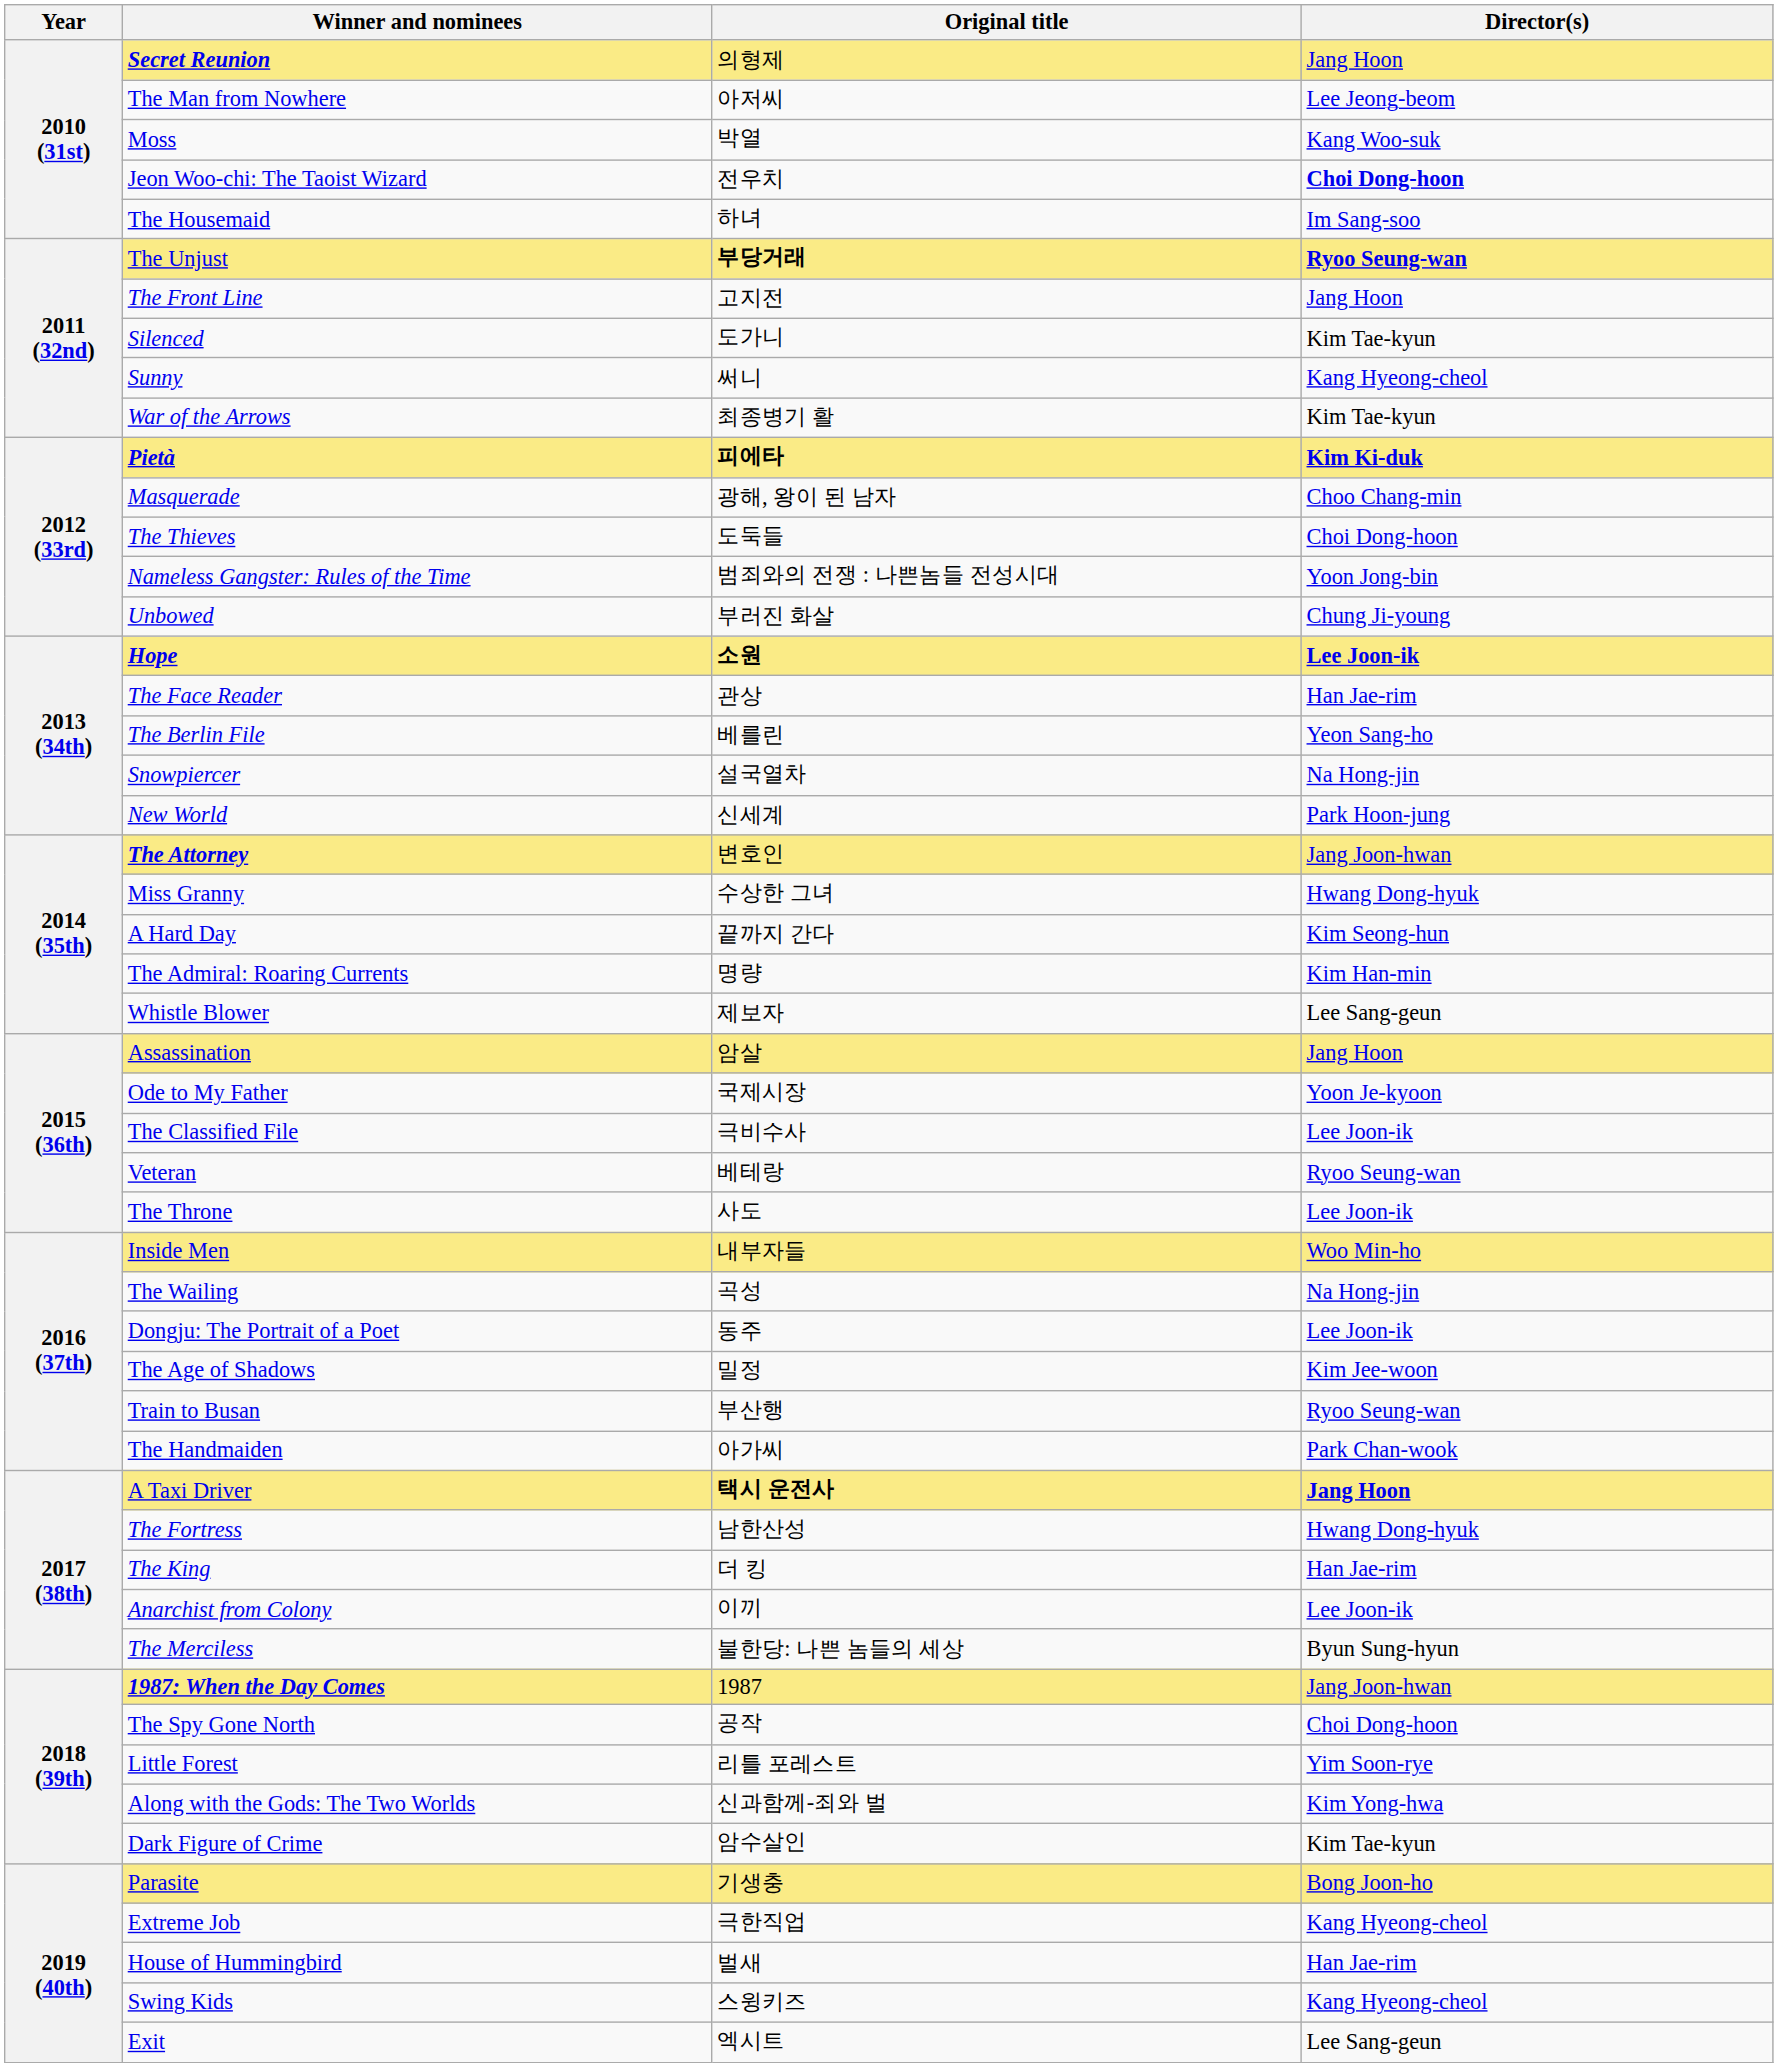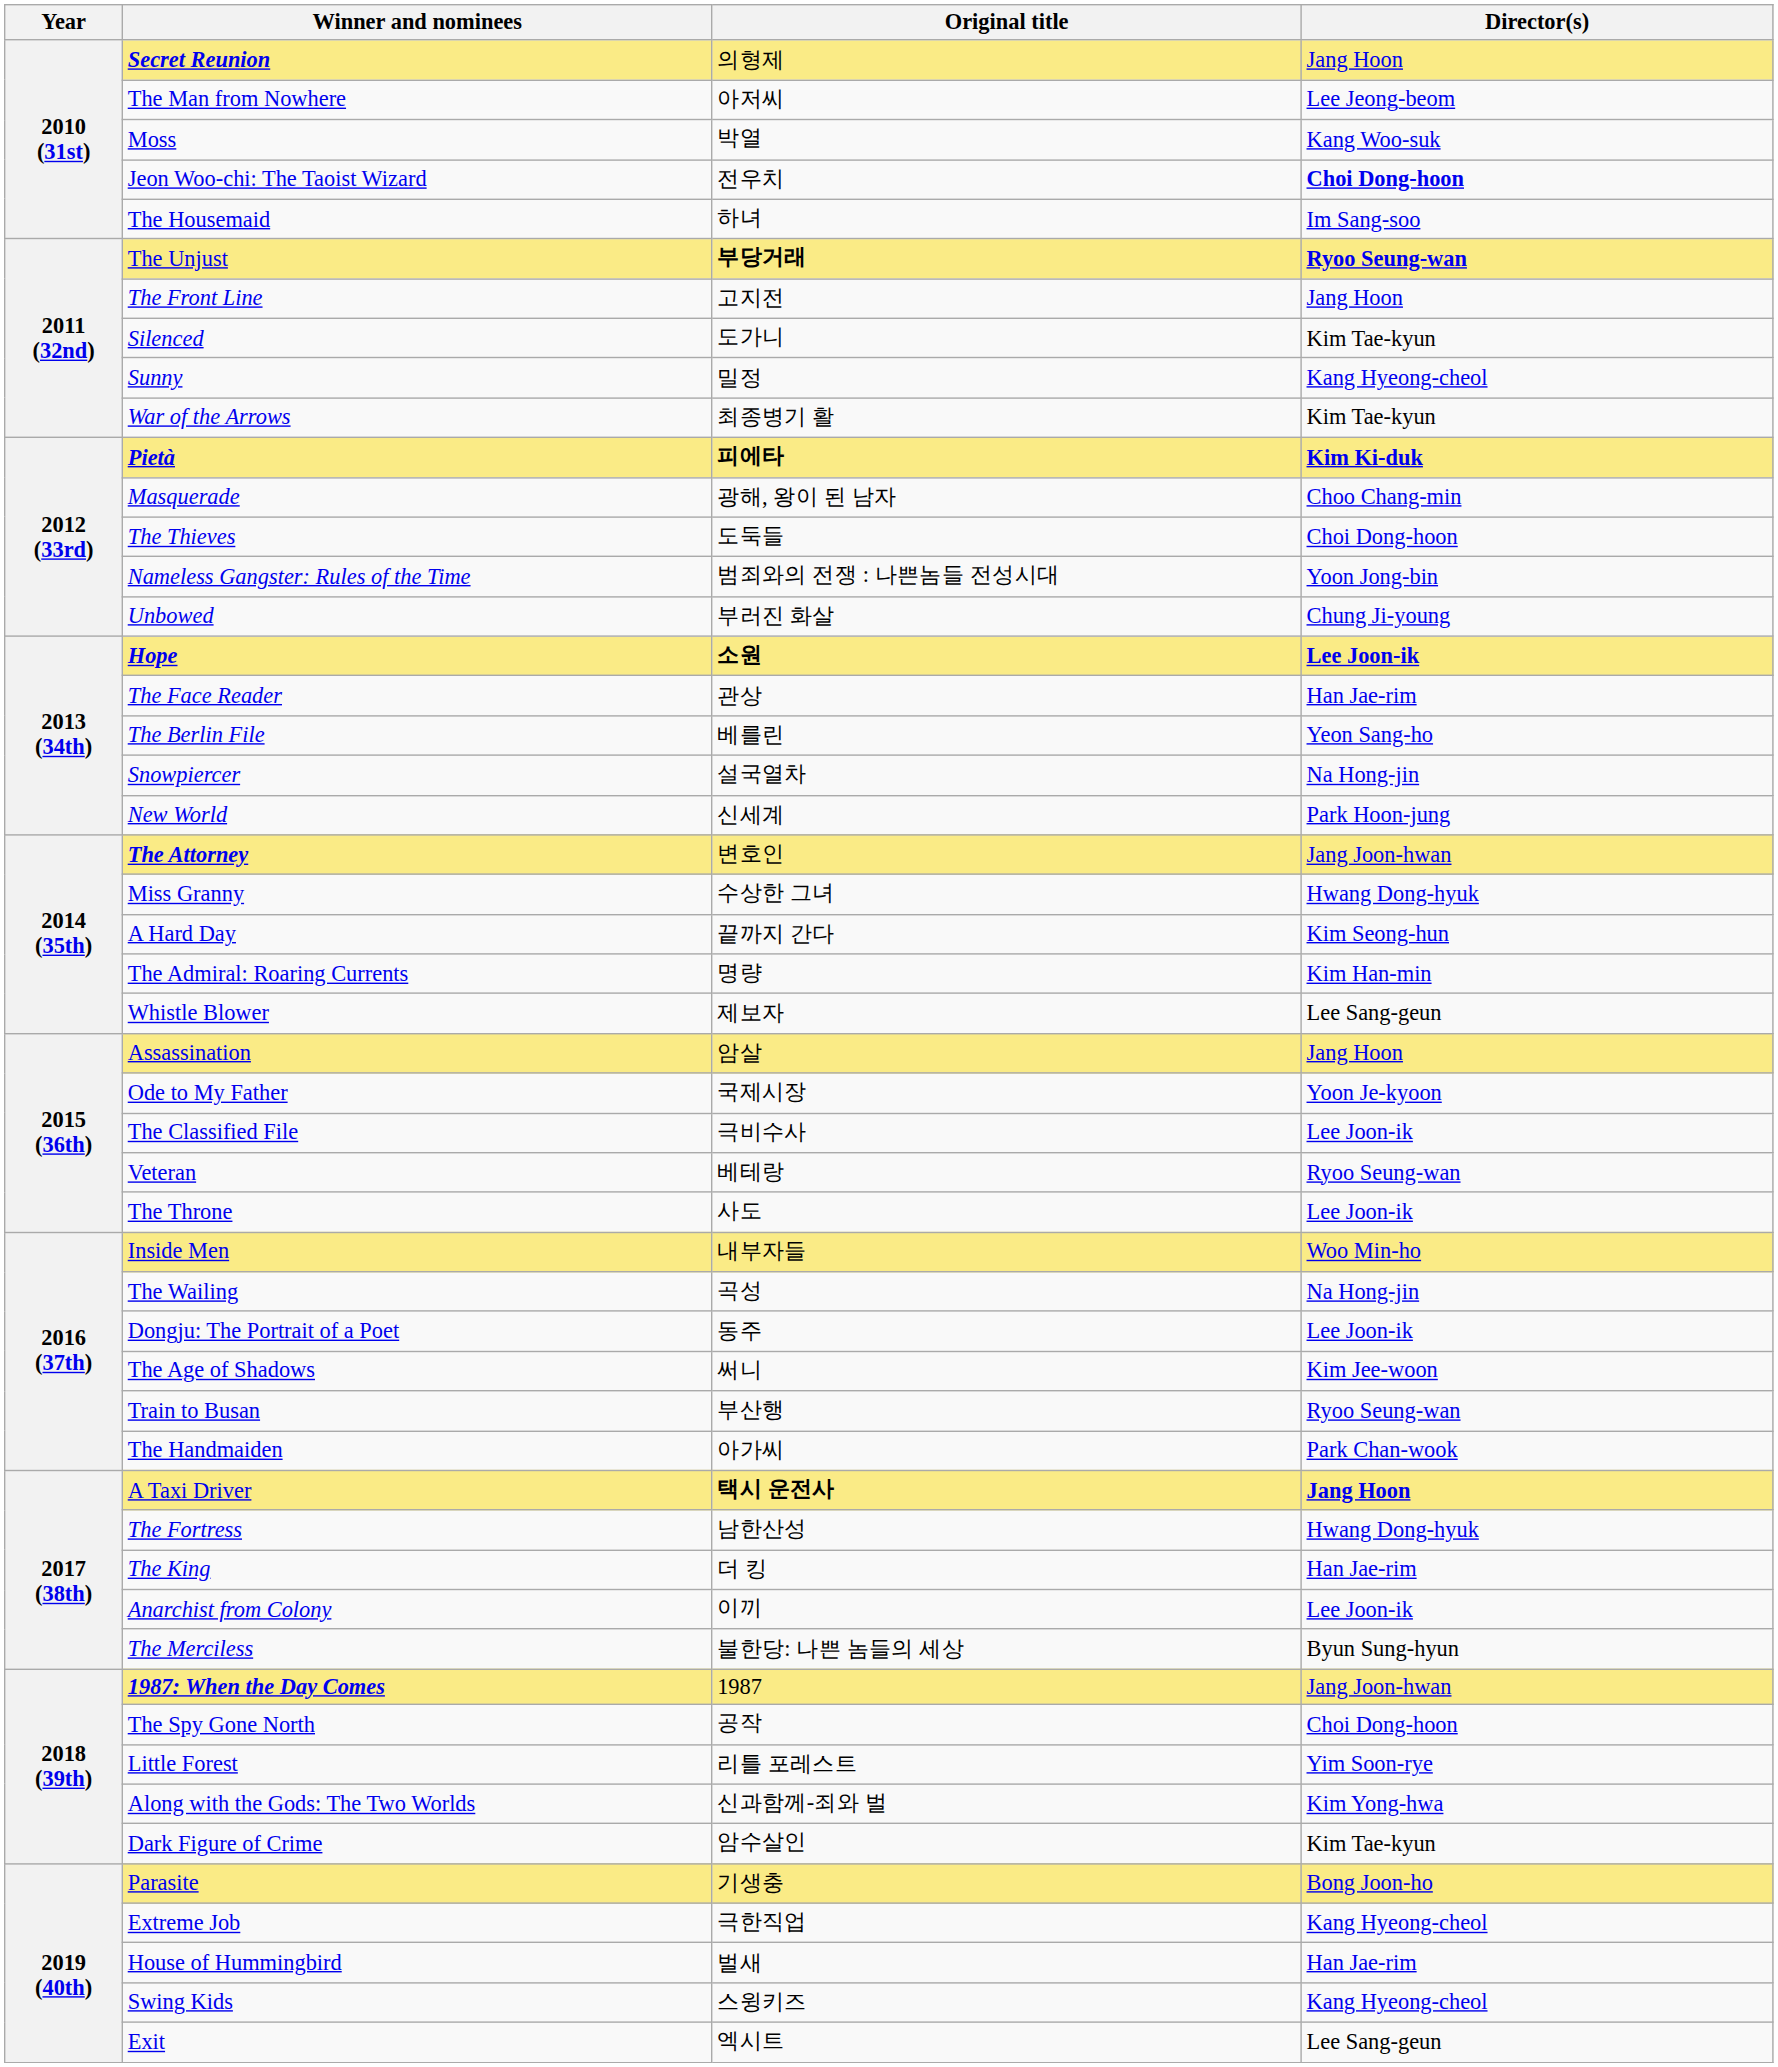 <table class="wikitable" style="width:100%;" cellpadding="6">
 <tr>
 <th style="width:5%;">Year</th>
 <th style="width:25%;">Winner and nominees</th>
 <th style="width:25%;">Original title</th>
 <th style="width:20%;">Director(s)</th>
 </tr>
 <tr>
 <th rowspan="5">2010<br>(<a href='#'>31st</a>)</th>
 <td style="background:#FAEB86;"><strong><em><a href='#'>Secret Reunion</a><strong> <em></td>
 <td style="background:#FAEB86;"></strong>의형제<strong></td>
 <td style="background:#FAEB86;"></strong><a href='#'>Jang Hoon</a><strong></td>
 </tr>
 <tr>
 <td><a href='#'></em>The Man from Nowhere<em></a></td>
 <td>아저씨</td>
 <td><a href='#'>Lee Jeong-beom</a></td>
 </tr>
 <tr>
 <td><a href='#'></em>Moss<em></a></td>
 <td>박열</td>
 <td><a href='#'>Kang Woo-suk</a></td>
 </tr>
 <tr>
 <td></em><a href='#'>Jeon Woo-chi: The Taoist Wizard</a><em></td>
 <td>전우치</td>
 <td><strong><a href='#'>Choi Dong-hoon</a></strong></td>
 </tr>
 <tr>
 <td><a href='#'></em>The Housemaid<em></a></td>
 <td>하녀</td>
 <td><a href='#'>Im Sang-soo</a></td>
 </tr>
 <tr>
 <th rowspan="5">2011<br>(<a href='#'>32nd</a>)</th>
 <td style="background:#FAEB86;"></em></strong><a href='#'>The Unjust</a></strong> </em></td>
 <td style="background:#FAEB86;"><strong>부당거래</strong></td>
 <td style="background:#FAEB86;"><strong><a href='#'>Ryoo Seung-wan</a></strong></td>
 </tr>
 <tr>
 <td><a href='#'><em>The Front Line</em></a></td>
 <td>고지전</td>
 <td><a href='#'>Jang Hoon</a></td>
 </tr>
 <tr>
 <td><a href='#'><em>Silenced</em></a></td>
 <td>도가니</td>
 <td>Kim Tae-kyun</td>
 </tr>
 <tr>
 <td><a href='#'><em>Sunny</em></a></td>
-<td>써니</td>
+<td>밀정</td>
 <td><a href='#'>Kang Hyeong-cheol</a></td>
 </tr>
 <tr>
 <td><em><a href='#'>War of the Arrows</a></em></td>
 <td>최종병기 활</td>
 <td>Kim Tae-kyun</td>
 </tr>
 <tr>
 <th rowspan="5">2012<br>(<a href='#'>33rd</a>)</th>
 <td style="background:#FAEB86;"><em><a href='#'><strong>Pietà</strong></a> </em></td>
 <td style="background:#FAEB86;"><strong>피에타</strong></td>
 <td style="background:#FAEB86;"><strong><a href='#'>Kim Ki-duk</a></strong></td>
 </tr>
 <tr>
 <td><a href='#'><em>Masquerade</em></a></td>
 <td>광해, 왕이 된 남자</td>
 <td><a href='#'>Choo Chang-min</a></td>
 </tr>
 <tr>
 <td><em><a href='#'>The Thieves</a></em></td>
 <td>도둑들</td>
 <td><a href='#'>Choi Dong-hoon</a></td>
 </tr>
 <tr>
 <td><em><a href='#'>Nameless Gangster: Rules of the Time</a></em></td>
 <td>범죄와의 전쟁 : 나쁜놈들 전성시대</td>
 <td><a href='#'>Yoon Jong-bin</a></td>
 </tr>
 <tr>
 <td><em><a href='#'>Unbowed</a></em></td>
 <td>부러진 화살</td>
 <td><a href='#'>Chung Ji-young</a></td>
 </tr>
 <tr>
 <th rowspan="5">2013<br>(<a href='#'>34th</a>)</th>
 <td style="background:#FAEB86;"><em><a href='#'><strong>Hope</strong></a> </em></td>
 <td style="background:#FAEB86;"><strong>소원</strong></td>
 <td style="background:#FAEB86;"><strong><a href='#'>Lee Joon-ik</a></strong></td>
 </tr>
 <tr>
 <td><em><a href='#'>The Face Reader</a></em></td>
 <td>관상</td>
 <td><a href='#'>Han Jae-rim</a></td>
 </tr>
 <tr>
 <td><em><a href='#'>The Berlin File</a></em></td>
 <td>베를린</td>
 <td><a href='#'>Yeon Sang-ho</a></td>
 </tr>
 <tr>
 <td><a href='#'><em>Snowpiercer</em></a></td>
 <td>설국열차</td>
 <td><a href='#'>Na Hong-jin</a></td>
 </tr>
 <tr>
 <td><a href='#'><em>New World</em></a></td>
 <td>신세계</td>
 <td><a href='#'>Park Hoon-jung</a></td>
 </tr>
 <tr>
 <th rowspan="5">2014<br>(<a href='#'>35th</a>)</th>
 <td style="background:#FAEB86;"><strong><em><a href='#'>The Attorney</a><strong> <em></td>
 <td style="background:#FAEB86;"></strong>변호인<strong></td>
 <td style="background:#FAEB86;"></strong><a href='#'>Jang Joon-hwan</a><strong></td>
 </tr>
 <tr>
 <td></em><a href='#'>Miss Granny</a><em></td>
 <td>수상한 그녀</td>
 <td><a href='#'>Hwang Dong-hyuk</a></td>
 </tr>
 <tr>
 <td></em><a href='#'>A Hard Day</a><em></td>
 <td>끝까지 간다</td>
 <td><a href='#'>Kim Seong-hun</a></td>
 </tr>
 <tr>
 <td></em><a href='#'>The Admiral: Roaring Currents</a><em></td>
 <td>명량</td>
 <td><a href='#'>Kim Han-min</a></td>
 </tr>
 <tr>
 <td><a href='#'></em>Whistle Blower<em></a></td>
 <td>제보자</td>
 <td>Lee Sang-geun</td>
 </tr>
 <tr>
 <th rowspan="5">2015<br>(<a href='#'>36th</a>)</th>
 <td style="background:#FAEB86;"></em><a href='#'></strong>Assassination<strong></a> <em></td>
 <td style="background:#FAEB86;"></strong>암살<strong></td>
 <td style="background:#FAEB86;"></strong><a href='#'>Jang Hoon</a><strong></td>
 </tr>
 <tr>
 <td></em><a href='#'>Ode to My Father</a><em></td>
 <td>국제시장</td>
 <td><a href='#'>Yoon Je-kyoon</a></td>
 </tr>
 <tr>
 <td></em><a href='#'>The Classified File</a><em></td>
 <td>극비수사</td>
 <td><a href='#'>Lee Joon-ik</a></td>
 </tr>
 <tr>
 <td><a href='#'></em>Veteran<em></a></td>
 <td>베테랑</td>
 <td><a href='#'>Ryoo Seung-wan</a></td>
 </tr>
 <tr>
 <td><a href='#'></em>The Throne<em></a></td>
 <td>사도</td>
 <td><a href='#'>Lee Joon-ik</a></td>
 </tr>
 <tr>
 <th rowspan="6">2016<br>(<a href='#'>37th</a>)</th>
 <td style="background:#FAEB86;"></em><a href='#'></strong>Inside Men<strong></a> <em></td>
 <td style="background:#FAEB86;"></strong>내부자들<strong></td>
 <td style="background:#FAEB86;"></strong><a href='#'>Woo Min-ho</a><strong></td>
 </tr>
 <tr>
 <td><a href='#'></em>The Wailing<em></a></td>
 <td>곡성</td>
 <td><a href='#'>Na Hong-jin</a></td>
 </tr>
 <tr>
 <td></em><a href='#'>Dongju: The Portrait of a Poet</a><em></td>
 <td>동주</td>
 <td><a href='#'>Lee Joon-ik</a></td>
 </tr>
 <tr>
 <td></em><a href='#'>The Age of Shadows</a><em></td>
-<td>밀정</td>
+<td>써니</td>
 <td><a href='#'>Kim Jee-woon</a></td>
 </tr>
 <tr>
 <td></em><a href='#'>Train to Busan</a><em></td>
 <td>부산행</td>
 <td><a href='#'>Ryoo Seung-wan</a></td>
 </tr>
 <tr>
 <td></em><a href='#'>The Handmaiden</a><em></td>
 <td>아가씨</td>
 <td><a href='#'>Park Chan-wook</a></td>
 </tr>
 <tr>
 <th rowspan="5"><div><br>2017<br>(<a href='#'>38th</a>)<br></div></th>
 <td style="background:#FAEB86;"></em></strong><a href='#'>A Taxi Driver</a></strong> </em></td>
 <td style="background:#FAEB86;"><strong>택시 운전사</strong></td>
 <td style="background:#FAEB86;"><strong><a href='#'>Jang Hoon</a></strong></td>
 </tr>
 <tr>
 <td><a href='#'><em>The Fortress</em></a></td>
 <td>남한산성</td>
 <td><a href='#'>Hwang Dong-hyuk</a></td>
 </tr>
 <tr>
 <td><a href='#'><em>The King</em></a></td>
 <td>더 킹</td>
 <td><a href='#'>Han Jae-rim</a></td>
 </tr>
 <tr>
 <td><em><a href='#'>Anarchist from Colony</a></em></td>
 <td>이끼</td>
 <td><a href='#'>Lee Joon-ik</a></td>
 </tr>
 <tr>
 <td><a href='#'><em>The Merciless</em></a></td>
 <td>불한당: 나쁜 놈들의 세상</td>
 <td>Byun Sung-hyun</td>
 </tr>
 <tr>
 <th rowspan="5">2018<br>(<a href='#'>39th</a>)</th>
 <td style="background:#FAEB86;"><strong><em><a href='#'>1987: When the Day Comes</a><strong> <em></td>
 <td style="background:#FAEB86;"></strong>1987<strong></td>
 <td style="background:#FAEB86;"></strong><a href='#'>Jang Joon-hwan</a><strong></td>
 </tr>
 <tr>
 <td></em><a href='#'>The Spy Gone North</a><em></td>
 <td>공작</td>
 <td><a href='#'>Choi Dong-hoon</a></td>
 </tr>
 <tr>
 <td><a href='#'></em>Little Forest<em></a></td>
 <td>리틀 포레스트</td>
 <td><a href='#'>Yim Soon-rye</a></td>
 </tr>
 <tr>
 <td></em><a href='#'>Along with the Gods: The Two Worlds</a><em></td>
 <td>신과함께-죄와 벌</td>
 <td><a href='#'>Kim Yong-hwa</a></td>
 </tr>
 <tr>
 <td><a href='#'></em>Dark Figure of Crime<em></a></td>
 <td>암수살인</td>
 <td>Kim Tae-kyun</td>
 </tr>
 <tr>
 <th rowspan="5"><div><br>2019<br>(<a href='#'>40th</a>) </div></th>
 <td style="background:#FAEB86;"></em><a href='#'></strong>Parasite<strong></a> <em></td>
 <td style="background:#FAEB86;"></strong>기생충<strong></td>
 <td style="background:#FAEB86;"></strong><a href='#'>Bong Joon-ho</a><strong></td>
 </tr>
 <tr>
 <td></em><a href='#'>Extreme Job</a><em></td>
 <td>극한직업</td>
 <td><a href='#'>Kang Hyeong-cheol</a></td>
 </tr>
 <tr>
 <td></em><a href='#'>House of Hummingbird</a><em></td>
 <td>벌새</td>
 <td><a href='#'>Han Jae-rim</a></td>
 </tr>
 <tr>
 <td><a href='#'></em>Swing Kids<em></a></td>
 <td>스윙키즈</td>
 <td><a href='#'>Kang Hyeong-cheol</a></td>
 </tr>
 <tr>
 <td><a href='#'></em>Exit<em></a></td>
 <td>엑시트</td>
 <td>Lee Sang-geun</td>
 </tr>
 </table>
